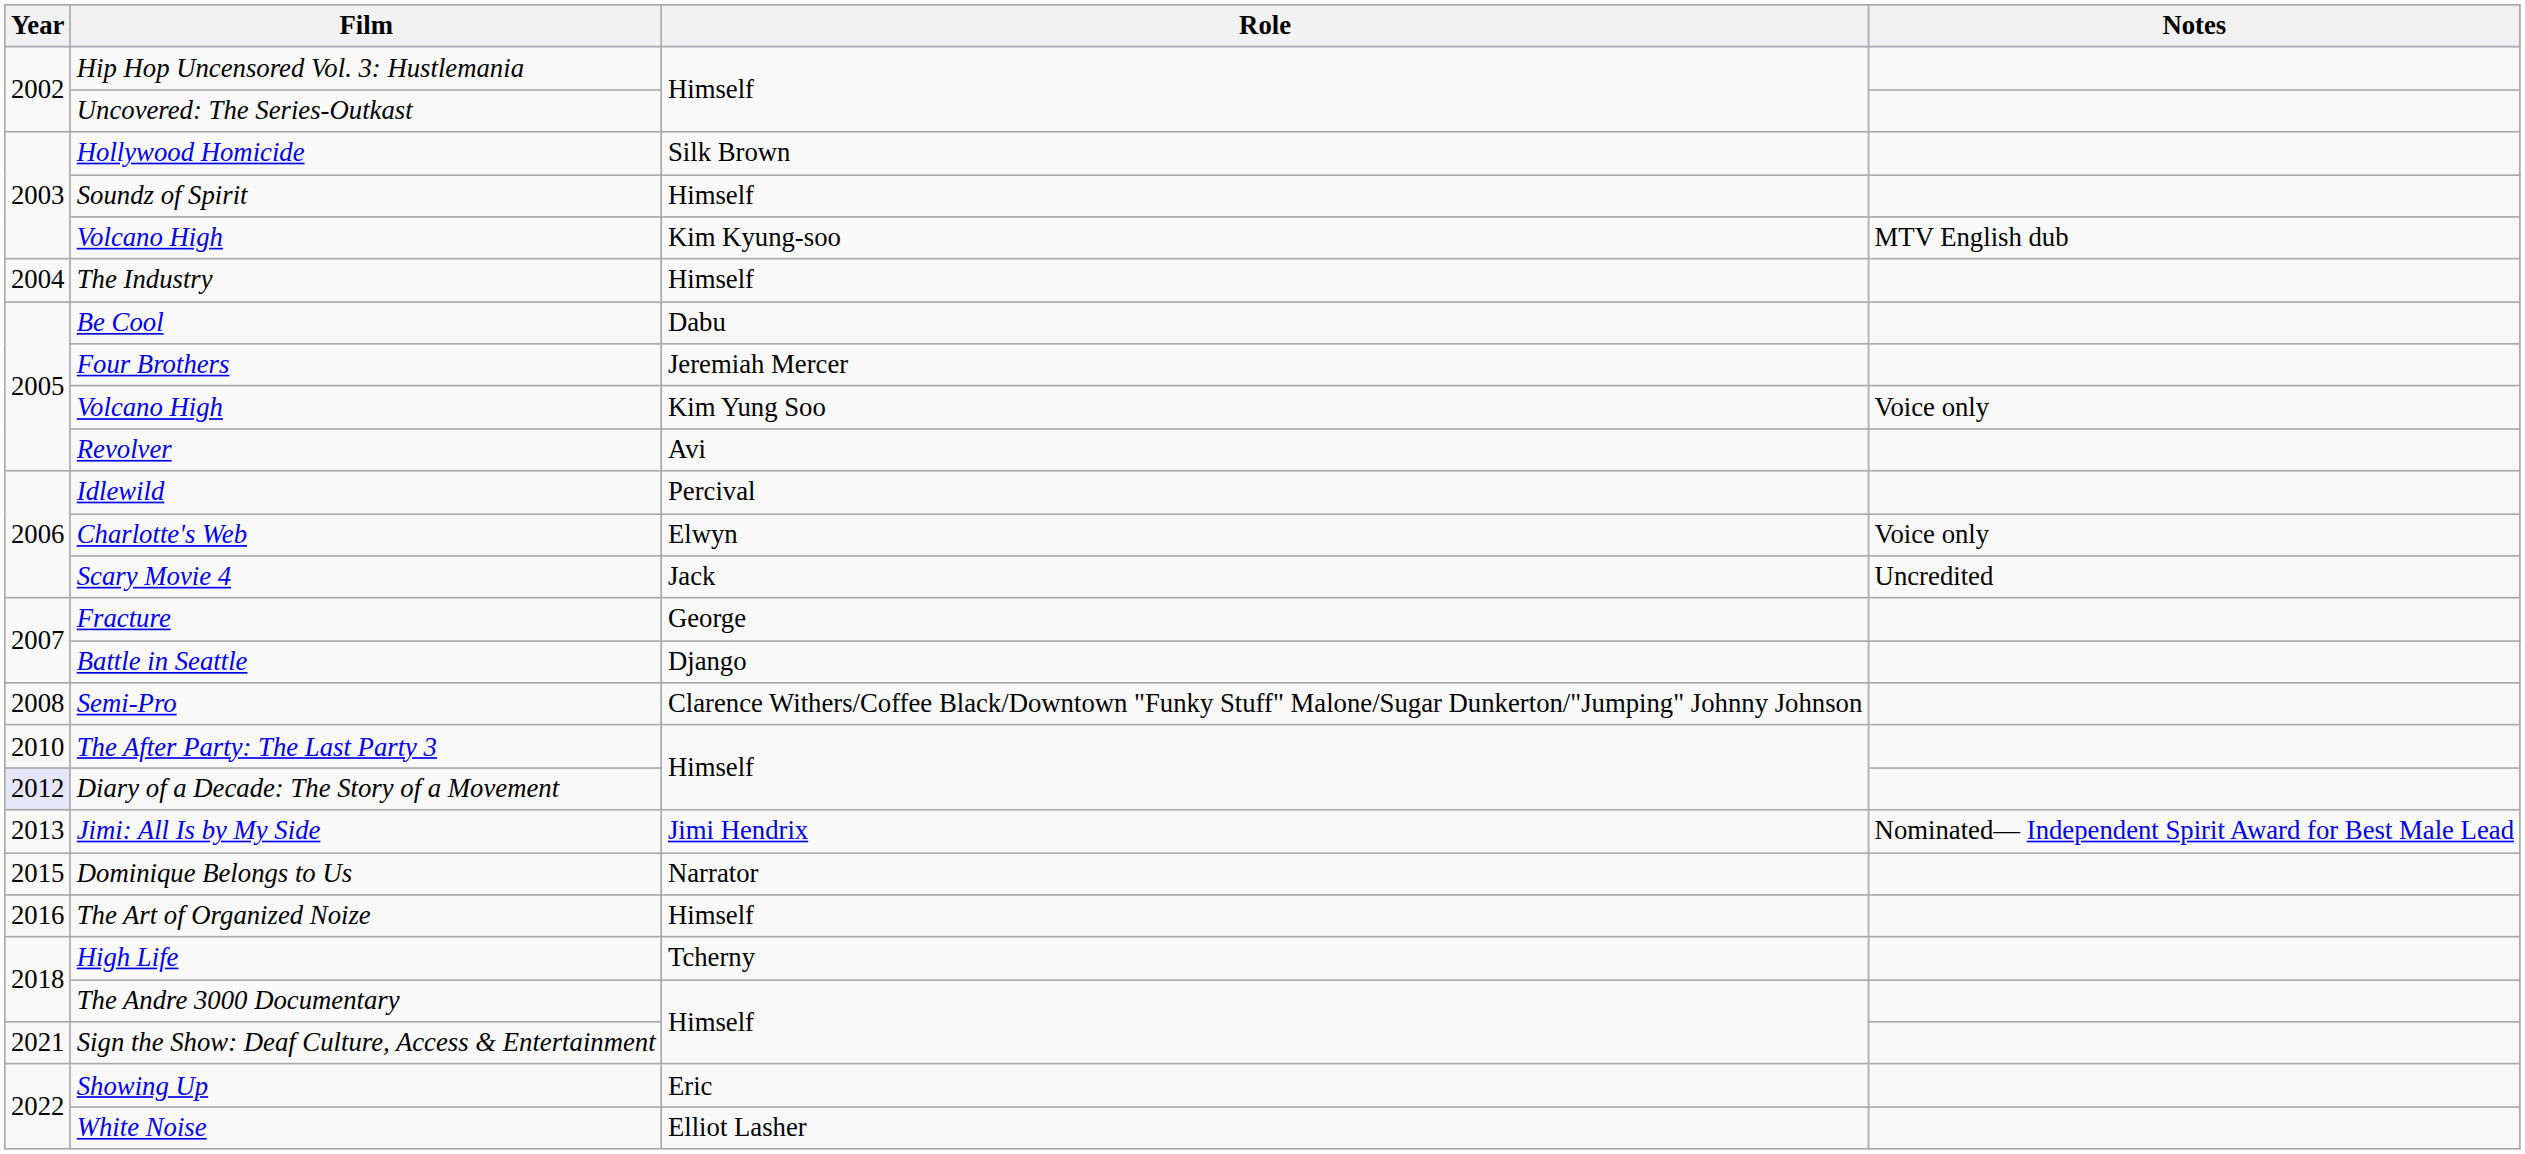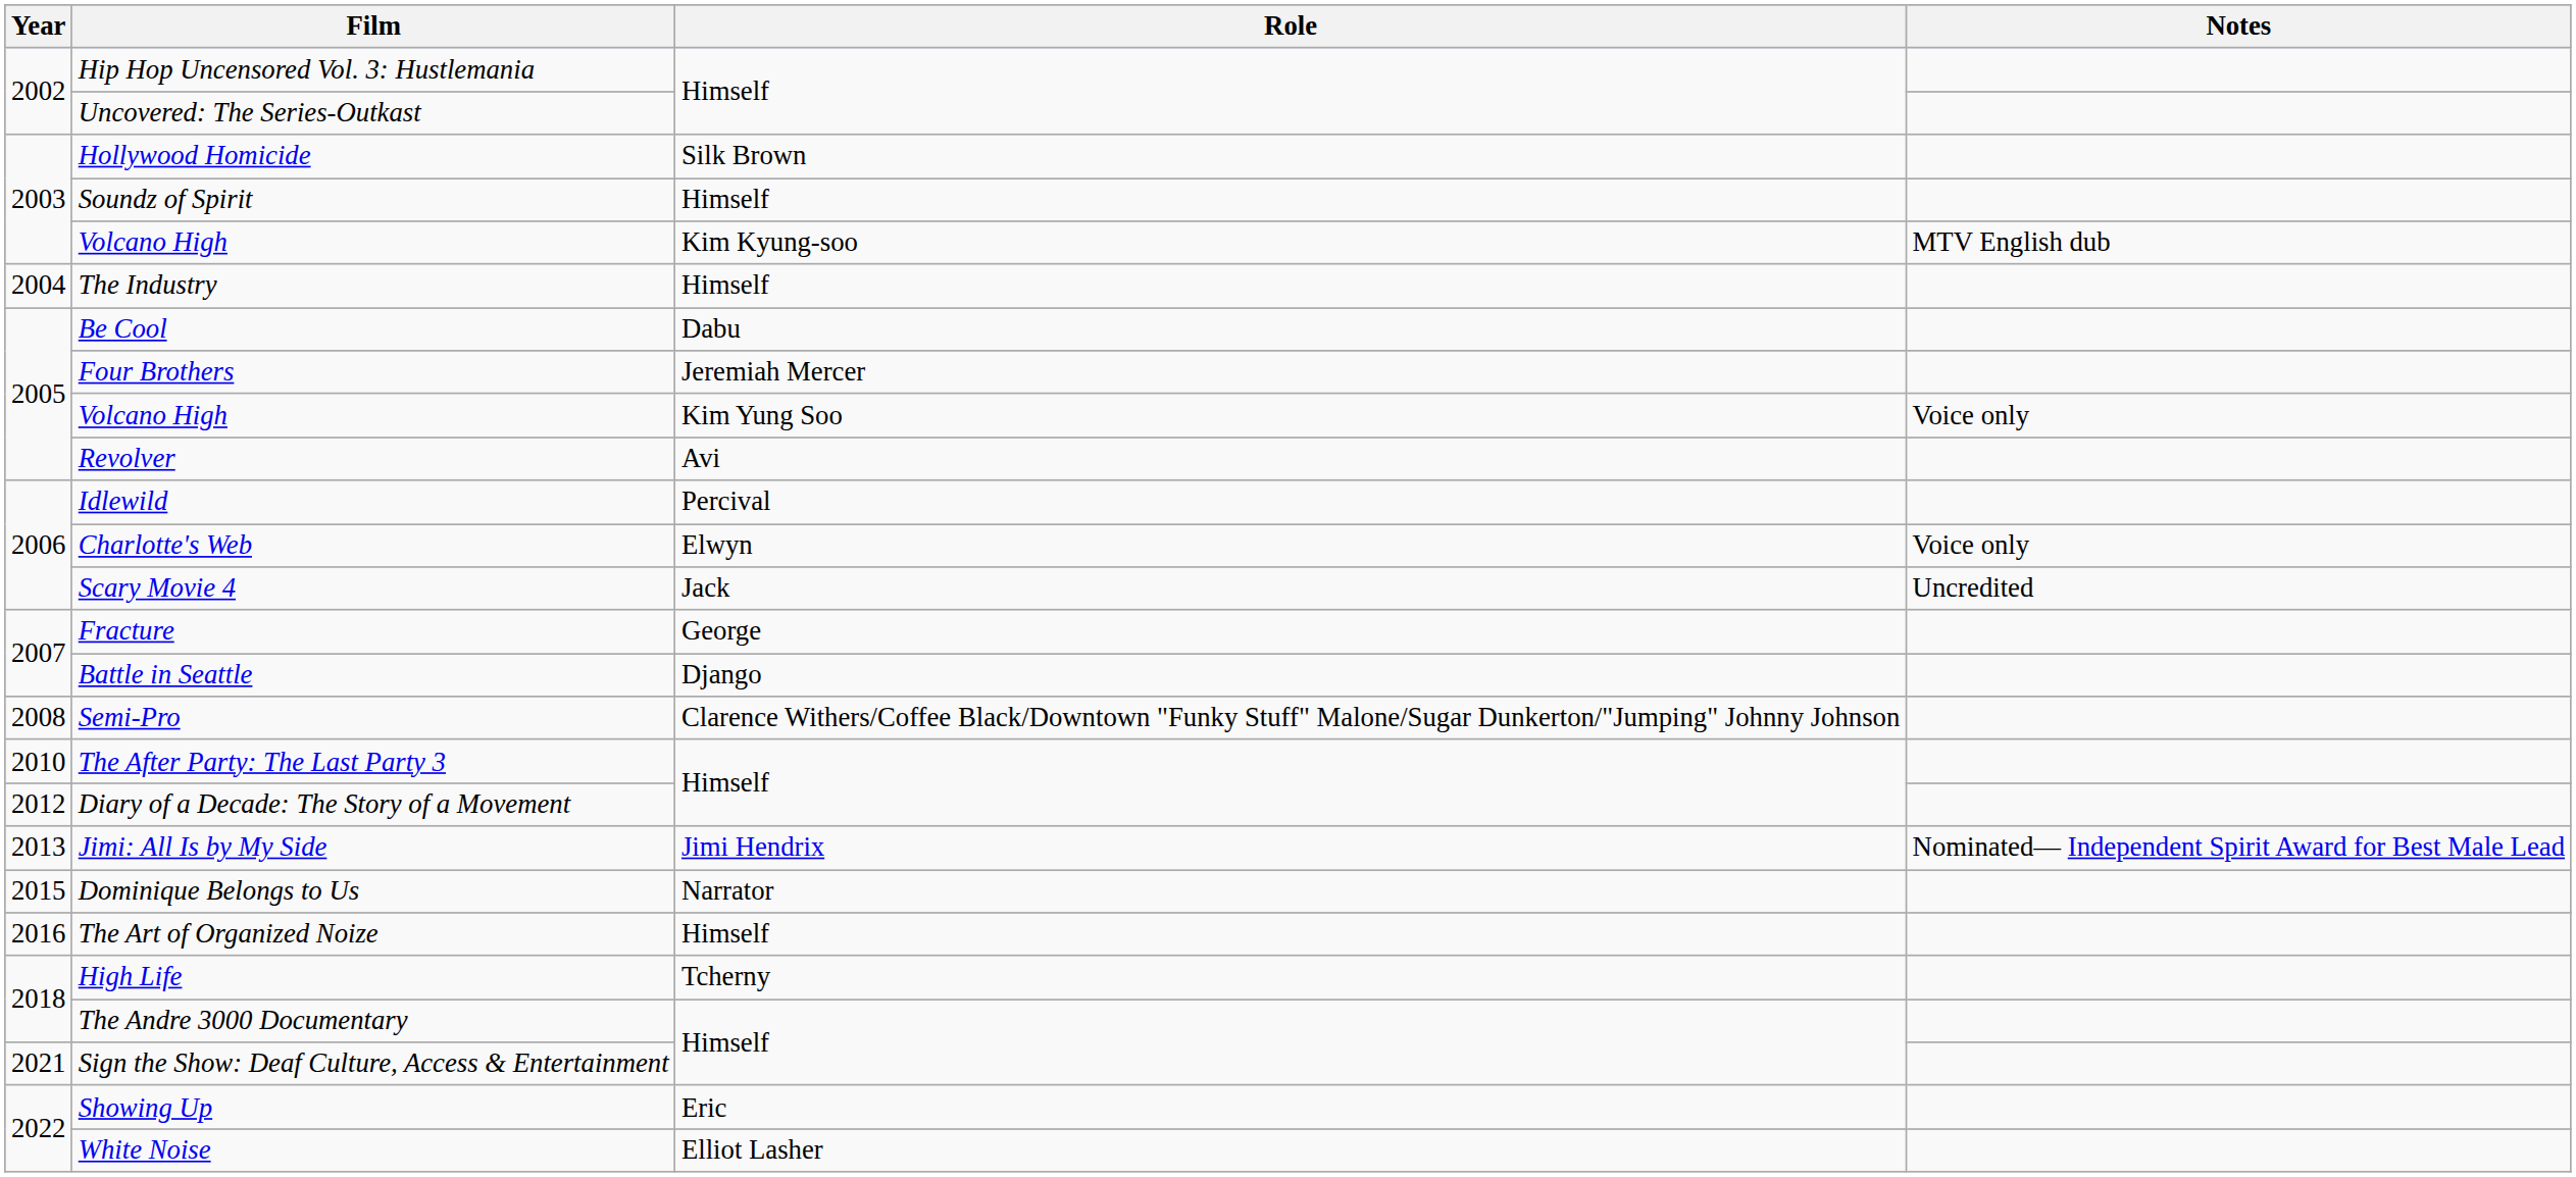 <table class="wikitable sortable">
 <tr style="background:#b0c4de; text-align:center;">
 <th>Year</th>
 <th>Film</th>
 <th>Role</th>
 <th class="unsortable">Notes</th>
 </tr>
 <tr>
 <td rowspan="2">2002</td>
 <td><em>Hip Hop Uncensored Vol. 3: Hustlemania</em></td>
 <td rowspan="2">Himself</td>
 <td></td>
 </tr>
 <tr>
 <td><em>Uncovered: The Series-Outkast</em></td>
 <td></td>
 </tr>
 <tr>
 <td rowspan="3">2003</td>
 <td><em><a href='#'>Hollywood Homicide</a></em></td>
 <td>Silk Brown</td>
 <td></td>
 </tr>
 <tr>
 <td><em>Soundz of Spirit</em></td>
 <td>Himself</td>
 <td></td>
 </tr>
 <tr>
 <td><em><a href='#'>Volcano High</a></em></td>
 <td>Kim Kyung-soo</td>
 <td>MTV English dub</td>
 </tr>
 <tr>
 <td>2004</td>
 <td data-sort-value="Industry, The"><em>The Industry</em></td>
 <td>Himself</td>
 <td></td>
 </tr>
 <tr>
 <td rowspan="4">2005</td>
 <td><em><a href='#'>Be Cool</a></em></td>
 <td>Dabu</td>
 <td></td>
 </tr>
 <tr>
 <td><em><a href='#'>Four Brothers</a></em></td>
 <td>Jeremiah Mercer</td>
 <td></td>
 </tr>
 <tr>
 <td><em><a href='#'>Volcano High</a></em></td>
 <td>Kim Yung Soo</td>
 <td>Voice only</td>
 </tr>
 <tr>
 <td><em><a href='#'>Revolver</a></em></td>
 <td>Avi</td>
 <td></td>
 </tr>
 <tr>
 <td rowspan="3">2006</td>
 <td><em><a href='#'>Idlewild</a></em></td>
 <td>Percival</td>
 <td></td>
 </tr>
 <tr>
 <td><em><a href='#'>Charlotte's Web</a></em></td>
 <td>Elwyn</td>
 <td>Voice only</td>
 </tr>
 <tr>
 <td><em><a href='#'>Scary Movie 4</a></em></td>
 <td>Jack</td>
 <td>Uncredited</td>
 </tr>
 <tr>
 <td rowspan="2">2007</td>
 <td><em><a href='#'>Fracture</a></em></td>
 <td>George</td>
 <td></td>
 </tr>
 <tr>
 <td><em><a href='#'>Battle in Seattle</a></em></td>
 <td>Django</td>
 <td></td>
 </tr>
 <tr>
 <td>2008</td>
 <td><em><a href='#'>Semi-Pro</a></em></td>
 <td>Clarence Withers/Coffee Black/Downtown "Funky Stuff" Malone/Sugar Dunkerton/"Jumping" Johnny Johnson</td>
 <td></td>
 </tr>
 <tr>
 <td>2010</td>
 <td data-sort-value="After Party: The Last Party 3, The"><em><a href='#'>The After Party: The Last Party 3</a></em></td>
 <td rowspan="2">Himself</td>
 <td></td>
 </tr>
 <tr>
-<td style="background: lavender;">2012</td>
+<td>2012</td>
 <td><em>Diary of a Decade: The Story of a Movement</em></td>
 <td></td>
 </tr>
 <tr>
 <td>2013</td>
 <td><em><a href='#'>Jimi: All Is by My Side</a></em></td>
 <td><a href='#'>Jimi Hendrix</a></td>
 <td>Nominated— <a href='#'>Independent Spirit Award for Best Male Lead</a></td>
 </tr>
 <tr>
 <td>2015</td>
 <td><em>Dominique Belongs to Us</em></td>
 <td>Narrator</td>
 <td></td>
 </tr>
 <tr>
 <td>2016</td>
 <td data-sort-value="Art of Organized Noize, The"><em>The Art of Organized Noize</em></td>
 <td>Himself</td>
 <td></td>
 </tr>
 <tr>
 <td rowspan="2">2018</td>
 <td><em><a href='#'>High Life</a></em></td>
 <td>Tcherny</td>
 <td></td>
 </tr>
 <tr>
 <td data-sort-value="Andre 3000 Documentary, The"><em>The Andre 3000 Documentary</em></td>
 <td rowspan="2">Himself</td>
 <td></td>
 </tr>
 <tr>
 <td>2021</td>
 <td><em>Sign the Show: Deaf Culture, Access & Entertainment</em></td>
 <td></td>
 </tr>
 <tr>
 <td rowspan="2">2022</td>
 <td><em><a href='#'>Showing Up</a></em></td>
 <td>Eric</td>
 <td></td>
 </tr>
 <tr>
 <td><em><a href='#'>White Noise</a></em></td>
 <td>Elliot Lasher</td>
 <td></td>
 </tr>
 </table>
